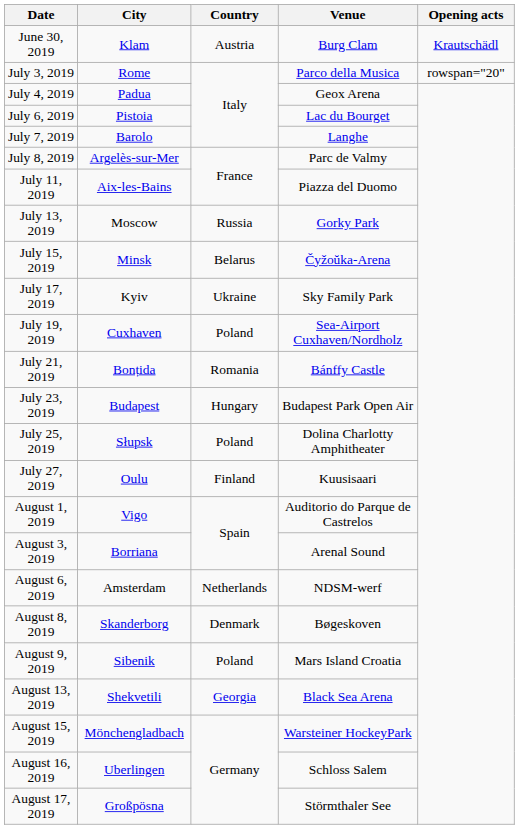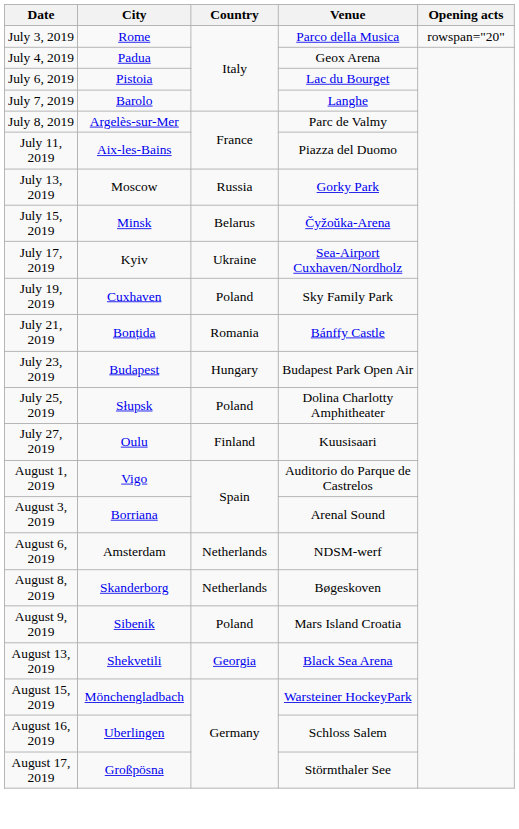 <table class="wikitable" style="text-align:center;">
 <tr>
 <th scope="col" style="width:12em;">Date</th>
 <th scope="col" style="width:10em;">City</th>
 <th scope="col" style="width:10em;">Country</th>
 <th scope="col" style="width:16em;">Venue</th>
 <th scope="col" style="width:10em;">Opening acts</th>
-</tr>
-<tr>
-<td>June 30, 2019</td>
-<td><a href='#'>Klam</a></td>
-<td>Austria</td>
-<td><a href='#'>Burg Clam</a></td>
-<td><a href='#'>Krautschädl</a></td>
 </tr>
 <tr>
 <td>July 3, 2019</td>
 <td><a href='#'>Rome</a></td>
 <td rowspan="4">Italy</td>
 <td><a href='#'>Parco della Musica</a></td>
 <td>rowspan="20" </td>
 </tr>
 <tr>
 <td>July 4, 2019</td>
 <td><a href='#'>Padua</a></td>
 <td>Geox Arena</td>
 </tr>
 <tr>
 <td>July 6, 2019</td>
 <td><a href='#'>Pistoia</a></td>
 <td><a href='#'>Lac du Bourget</a></td>
 </tr>
 <tr>
 <td>July 7, 2019</td>
 <td><a href='#'>Barolo</a></td>
 <td><a href='#'>Langhe</a></td>
 </tr>
 <tr>
 <td>July 8, 2019</td>
 <td><a href='#'>Argelès-sur-Mer</a></td>
 <td rowspan="2">France</td>
 <td>Parc de Valmy</td>
 </tr>
 <tr>
 <td>July 11, 2019</td>
 <td><a href='#'>Aix-les-Bains</a></td>
 <td>Piazza del Duomo</td>
 </tr>
 <tr>
 <td>July 13, 2019</td>
 <td>Moscow</td>
 <td>Russia</td>
 <td><a href='#'>Gorky Park</a></td>
 </tr>
 <tr>
 <td>July 15, 2019</td>
 <td><a href='#'>Minsk</a></td>
 <td>Belarus</td>
 <td><a href='#'>Čyžoŭka-Arena</a></td>
 </tr>
 <tr>
 <td>July 17, 2019</td>
 <td>Kyiv</td>
 <td>Ukraine</td>
-<td>Sky Family Park</td>
+<td><a href='#'>Sea-Airport Cuxhaven/Nordholz</a></td>
 </tr>
 <tr>
 <td>July 19, 2019</td>
 <td><a href='#'>Cuxhaven</a></td>
 <td>Poland</td>
-<td><a href='#'>Sea-Airport Cuxhaven/Nordholz</a></td>
+<td>Sky Family Park</td>
 </tr>
 <tr>
 <td>July 21, 2019</td>
 <td><a href='#'>Bonțida</a></td>
 <td>Romania</td>
 <td><a href='#'>Bánffy Castle</a></td>
 </tr>
 <tr>
 <td>July 23, 2019</td>
 <td><a href='#'>Budapest</a></td>
 <td>Hungary</td>
 <td>Budapest Park Open Air</td>
 </tr>
 <tr>
 <td>July 25, 2019</td>
 <td><a href='#'>Słupsk</a></td>
 <td>Poland</td>
 <td>Dolina Charlotty Amphitheater</td>
 </tr>
 <tr>
 <td>July 27, 2019</td>
 <td><a href='#'>Oulu</a></td>
 <td>Finland</td>
 <td>Kuusisaari</td>
 </tr>
 <tr>
 <td>August 1, 2019</td>
 <td><a href='#'>Vigo</a></td>
 <td rowspan="2">Spain</td>
 <td>Auditorio do Parque de Castrelos</td>
 </tr>
 <tr>
 <td>August 3, 2019</td>
 <td><a href='#'>Borriana</a></td>
 <td>Arenal Sound</td>
 </tr>
 <tr>
 <td>August 6, 2019</td>
 <td>Amsterdam</td>
 <td>Netherlands</td>
 <td>NDSM-werf</td>
 </tr>
 <tr>
 <td>August 8, 2019</td>
 <td><a href='#'>Skanderborg</a></td>
-<td>Denmark</td>
+<td>Netherlands</td>
 <td>Bøgeskoven</td>
 </tr>
 <tr>
 <td>August 9, 2019</td>
 <td><a href='#'>Sibenik</a></td>
 <td>Poland</td>
 <td>Mars Island Croatia</td>
 </tr>
 <tr>
 <td>August 13, 2019</td>
 <td><a href='#'>Shekvetili</a></td>
 <td><a href='#'>Georgia</a></td>
 <td><a href='#'>Black Sea Arena</a></td>
 </tr>
 <tr>
 <td>August 15, 2019</td>
 <td><a href='#'>Mönchengladbach</a></td>
 <td rowspan="3">Germany</td>
 <td><a href='#'>Warsteiner HockeyPark</a></td>
 </tr>
 <tr>
 <td>August 16, 2019</td>
 <td><a href='#'>Uberlingen</a></td>
 <td>Schloss Salem</td>
 </tr>
 <tr>
 <td>August 17, 2019</td>
 <td><a href='#'>Großpösna</a></td>
 <td>Störmthaler See</td>
 </tr>
 </table>
